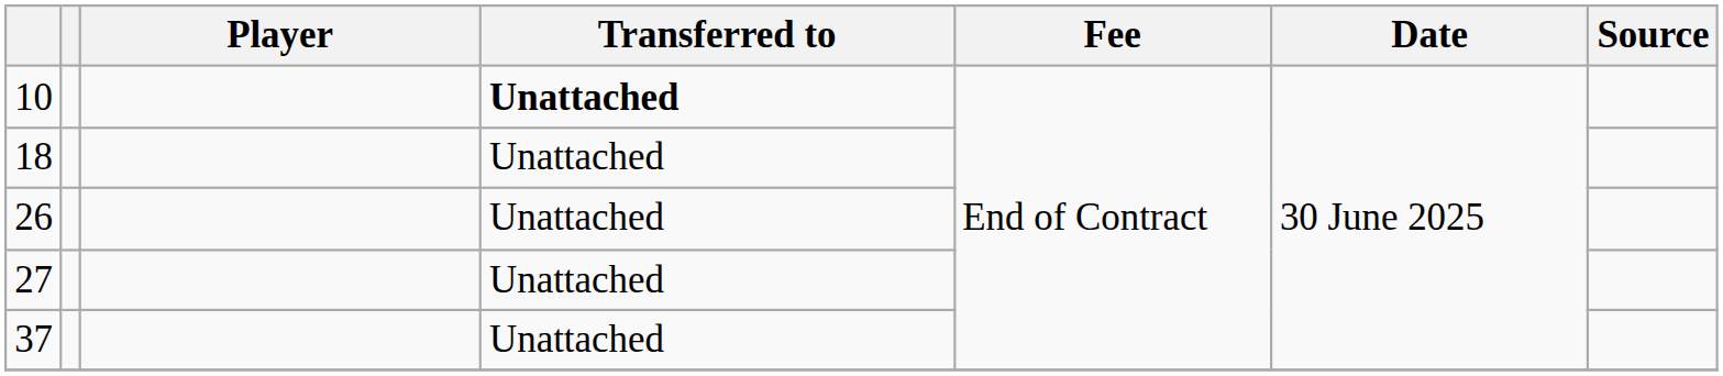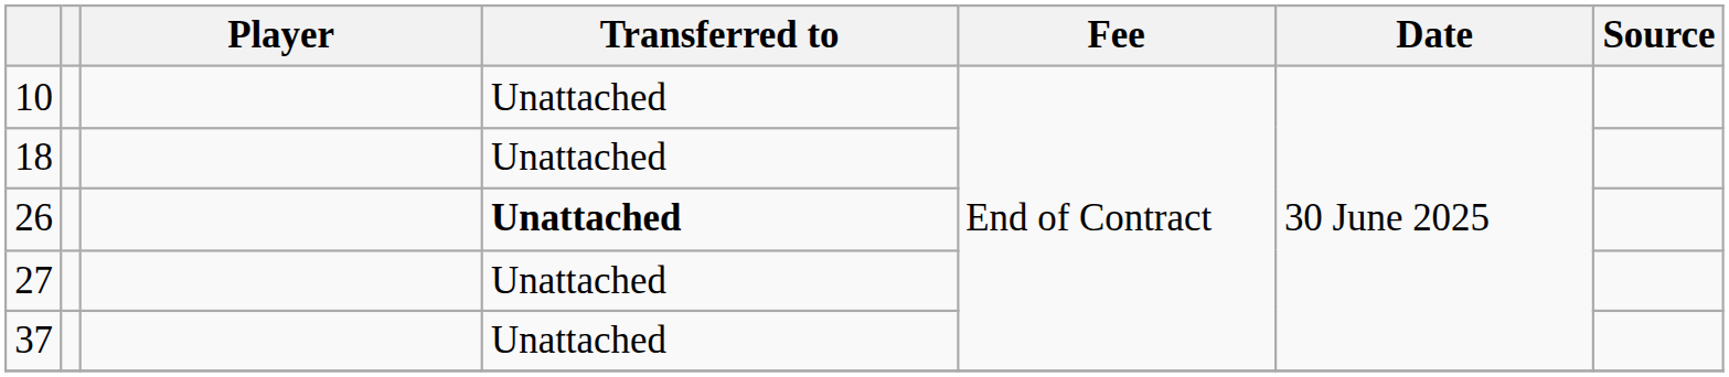 <table class="wikitable plainrowheaders sortable">
 <tr>
 <th></th>
 <th></th>
 <th scope=col; style="width: 160px;">Player</th>
 <th scope=col; style="width: 190px;">Transferred to</th>
 <th scope=col; style="width: 125px;">Fee</th>
 <th scope=col; style="width: 125px;">Date</th>
 <th scope=col>Source</th>
 </tr>
 <tr>
 <td align=center>10</td>
 <td align=center></td>
 <td></td>
-<td><strong>Unattached</strong></td>
+<td>Unattached</td>
 <td rowspan="5">End of Contract</td>
 <td rowspan="5">30 June 2025</td>
 <td></td>
 </tr>
 <tr>
 <td align=center>18</td>
 <td align=center></td>
 <td></td>
 <td>Unattached</td>
 <td></td>
 </tr>
 <tr>
 <td align=center>26</td>
 <td align=center></td>
 <td></td>
-<td>Unattached</td>
+<td><strong>Unattached</strong></td>
 <td></td>
 </tr>
 <tr>
 <td align=center>27</td>
 <td align=center></td>
 <td></td>
 <td>Unattached</td>
 <td></td>
 </tr>
 <tr>
 <td align=center>37</td>
 <td align=center></td>
 <td></td>
 <td>Unattached</td>
 <td></td>
 </tr>
 <tr>
 </tr>
 </table>
